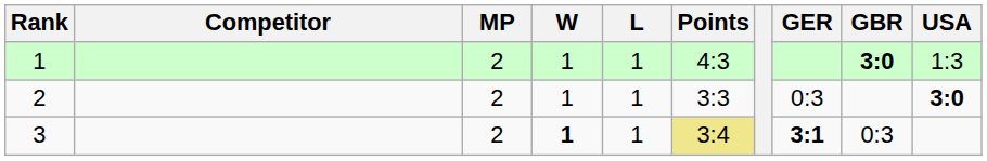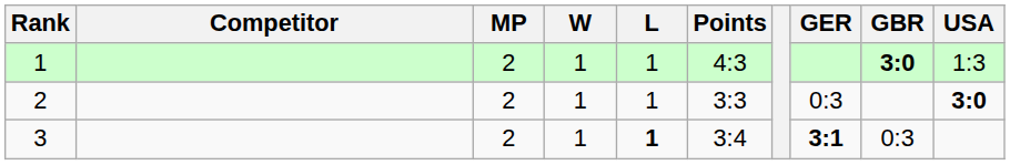 <table class="wikitable" style="text-align:center">
 <tr>
 <th>Rank</th>
 <th style="width:16em">Competitor</th>
 <th style="width:2.5em">MP</th>
 <th style="width:2.5em">W</th>
 <th style="width:2.5em">L</th>
 <th>Points</th>
 <th rowspan="4"> </th>
 <th style="width:2.5em">GER</th>
 <th style="width:2.5em">GBR</th>
 <th style="width:2.5em">USA</th>
 </tr>
 <tr style="background:#cfc;">
 <td>1</td>
 <td style="text-align:left"></td>
 <td>2</td>
 <td>1</td>
 <td>1</td>
 <td>4:3</td>
 <td></td>
 <td><strong>3:0</strong></td>
 <td>1:3</td>
 </tr>
 <tr>
 <td>2</td>
 <td style="text-align:left"></td>
 <td>2</td>
 <td>1</td>
 <td>1</td>
 <td>3:3</td>
 <td>0:3</td>
 <td></td>
 <td><strong>3:0</strong></td>
 </tr>
 <tr>
 <td>3</td>
 <td style="text-align:left"></td>
 <td>2</td>
+<td>1</td>
 <td><strong>1</strong></td>
-<td>1</td>
-<td style="background: khaki;">3:4</td>
+<td>3:4</td>
 <td><strong>3:1</strong></td>
 <td>0:3</td>
 <td></td>
 </tr>
 </table>
